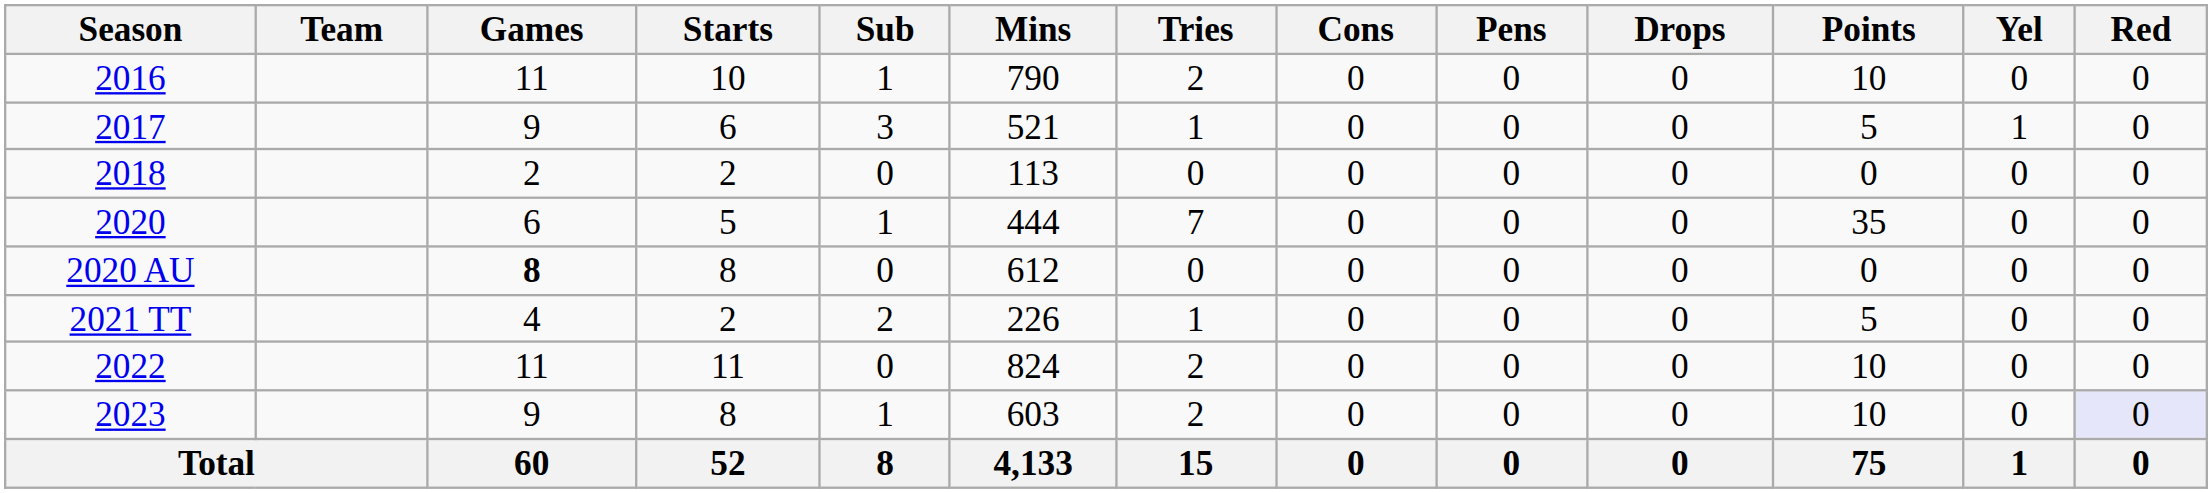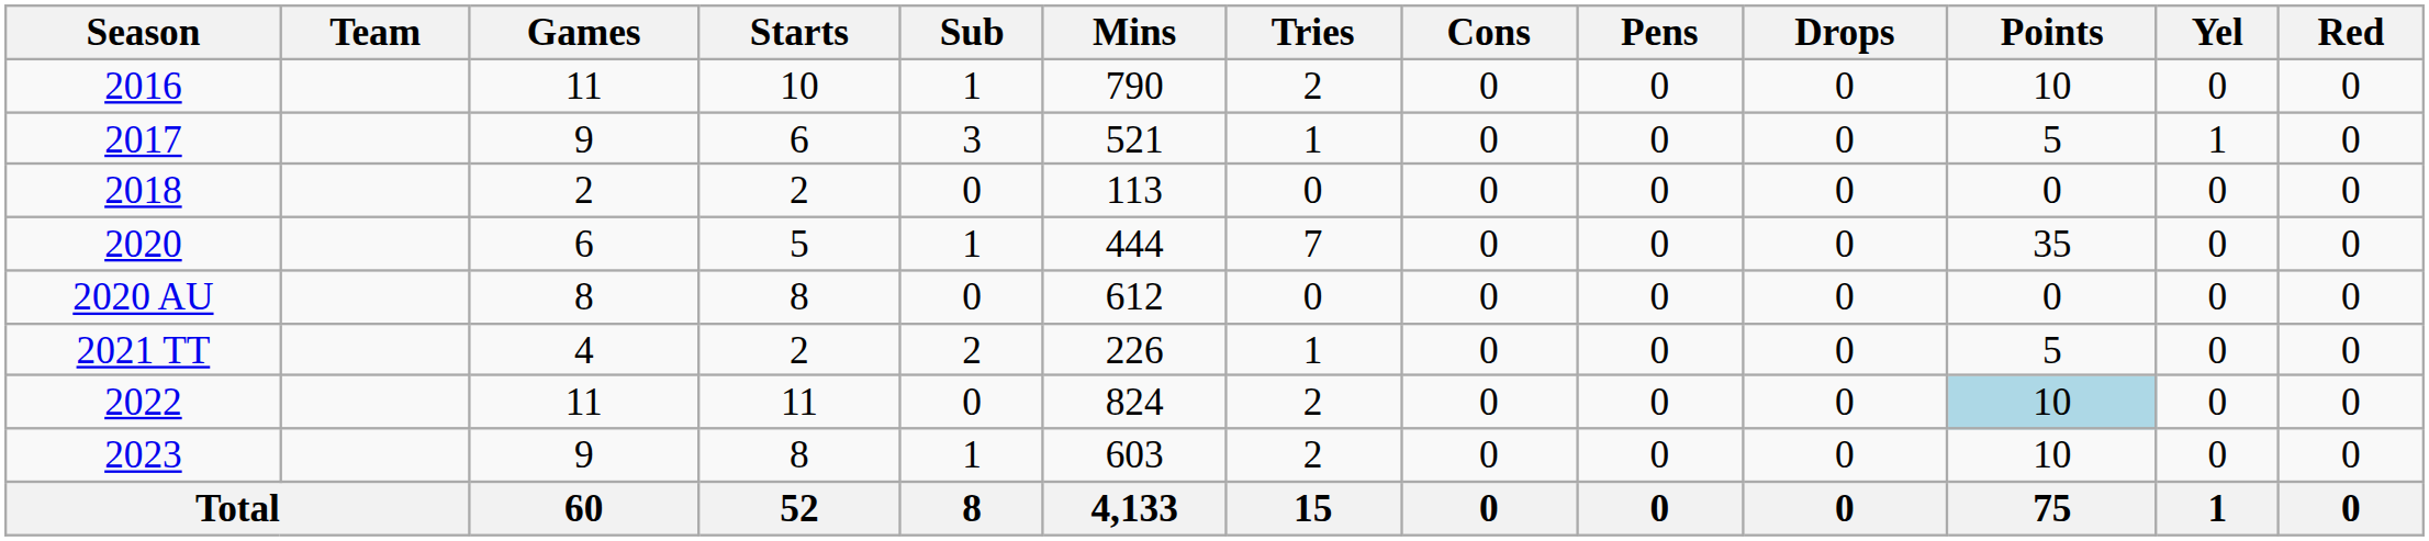 <table class="wikitable" style="text-align:center; line-height:90%; font-size:95%; width:60%;">
 <tr>
 <th>Season</th>
 <th>Team</th>
 <th>Games</th>
 <th>Starts</th>
 <th>Sub</th>
 <th>Mins</th>
 <th>Tries</th>
 <th>Cons</th>
 <th>Pens</th>
 <th>Drops</th>
 <th>Points</th>
 <th>Yel</th>
 <th>Red</th>
 </tr>
 <tr>
 <td><a href='#'>2016</a></td>
 <td></td>
 <td>11</td>
 <td>10</td>
 <td>1</td>
 <td>790</td>
 <td>2</td>
 <td>0</td>
 <td>0</td>
 <td>0</td>
 <td>10</td>
 <td>0</td>
 <td>0</td>
 </tr>
 <tr>
 <td><a href='#'>2017</a></td>
 <td></td>
 <td>9</td>
 <td>6</td>
 <td>3</td>
 <td>521</td>
 <td>1</td>
 <td>0</td>
 <td>0</td>
 <td>0</td>
 <td>5</td>
 <td>1</td>
 <td>0</td>
 </tr>
 <tr>
 <td><a href='#'>2018</a></td>
 <td></td>
 <td>2</td>
 <td>2</td>
 <td>0</td>
 <td>113</td>
 <td>0</td>
 <td>0</td>
 <td>0</td>
 <td>0</td>
 <td>0</td>
 <td>0</td>
 <td>0</td>
 </tr>
 <tr>
 <td><a href='#'>2020</a></td>
 <td></td>
 <td>6</td>
 <td>5</td>
 <td>1</td>
 <td>444</td>
 <td>7</td>
 <td>0</td>
 <td>0</td>
 <td>0</td>
 <td>35</td>
 <td>0</td>
 <td>0</td>
 </tr>
 <tr>
 <td><a href='#'>2020 AU</a></td>
 <td></td>
-<td><strong>8</strong></td>
+<td>8</td>
 <td>8</td>
 <td>0</td>
 <td>612</td>
 <td>0</td>
 <td>0</td>
 <td>0</td>
 <td>0</td>
 <td>0</td>
 <td>0</td>
 <td>0</td>
 </tr>
 <tr>
 <td><a href='#'>2021 TT</a></td>
 <td></td>
 <td>4</td>
 <td>2</td>
 <td>2</td>
 <td>226</td>
 <td>1</td>
 <td>0</td>
 <td>0</td>
 <td>0</td>
 <td>5</td>
 <td>0</td>
 <td>0</td>
 </tr>
 <tr>
 <td><a href='#'>2022</a></td>
 <td></td>
 <td>11</td>
 <td>11</td>
 <td>0</td>
 <td>824</td>
 <td>2</td>
 <td>0</td>
 <td>0</td>
 <td>0</td>
-<td>10</td>
+<td style="background: lightblue;">10</td>
 <td>0</td>
 <td>0</td>
 </tr>
 <tr>
 <td><a href='#'>2023</a></td>
 <td></td>
 <td>9</td>
 <td>8</td>
 <td>1</td>
 <td>603</td>
 <td>2</td>
 <td>0</td>
 <td>0</td>
 <td>0</td>
 <td>10</td>
 <td>0</td>
-<td style="background: lavender;">0</td>
+<td>0</td>
 </tr>
 <tr>
 <th colspan="2">Total</th>
 <th>60</th>
 <th>52</th>
 <th>8</th>
 <th>4,133</th>
 <th>15</th>
 <th>0</th>
 <th>0</th>
 <th>0</th>
 <th>75</th>
 <th>1</th>
 <th>0</th>
 </tr>
 </table>
